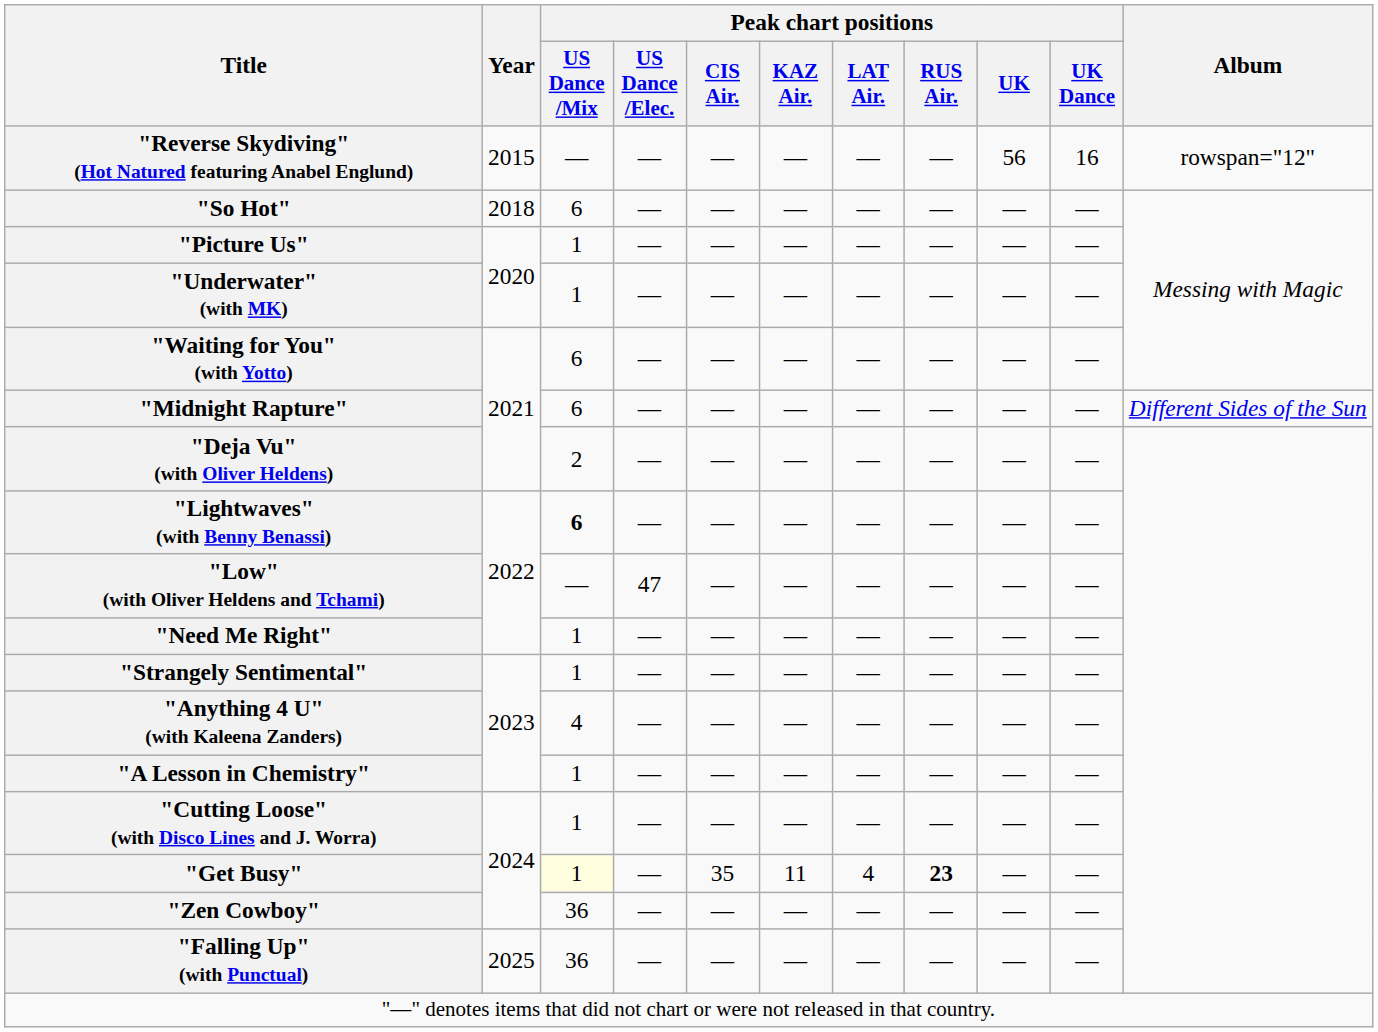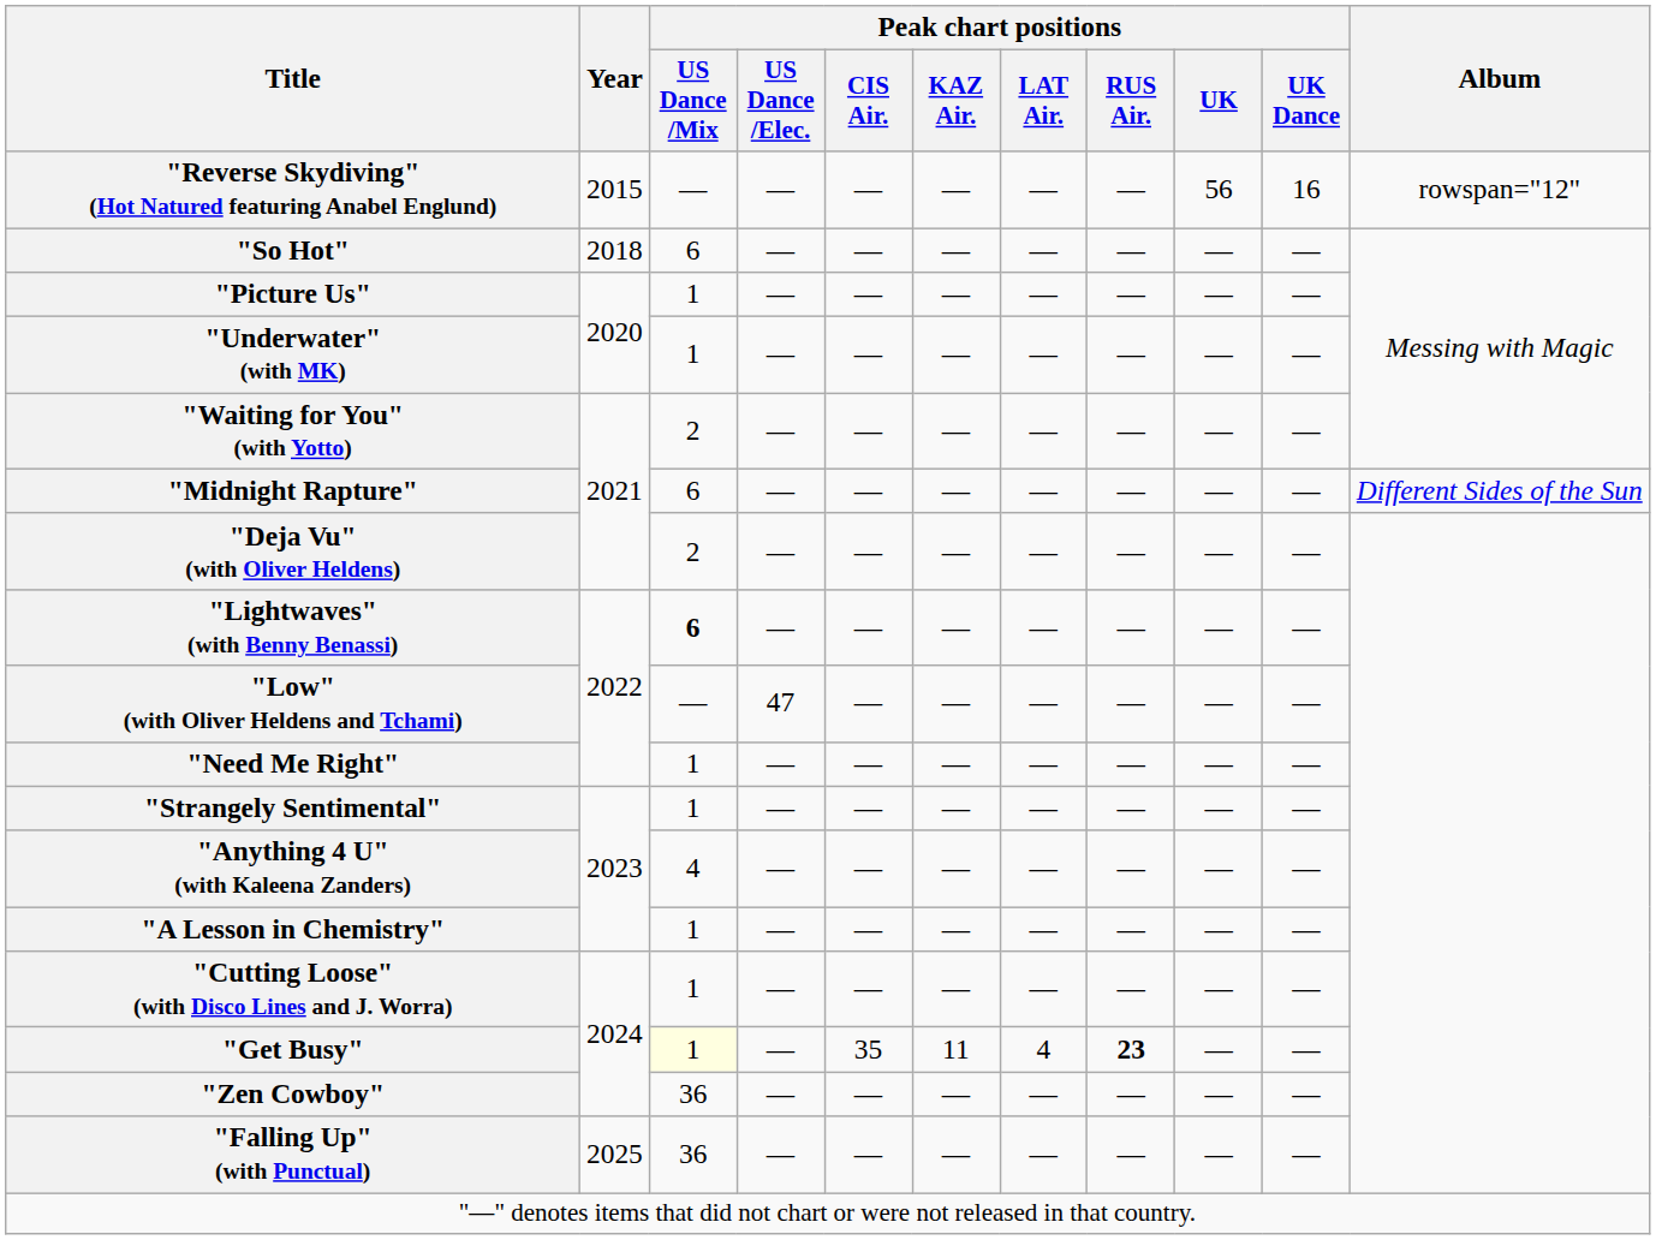 <table class="wikitable plainrowheaders" style="text-align:center;">
 <tr>
 <th scope="col" rowspan="2" style="width:20em;">Title</th>
 <th scope="col" rowspan="2" style="width:1em;">Year</th>
 <th scope="col" colspan="8">Peak chart positions</th>
 <th scope="col" rowspan="2">Album</th>
 </tr>
 <tr>
 <th scope="col" style="width:3em;font-size:90%;"><a href='#'>US<br>Dance<br>/Mix</a><br></th>
 <th scope="col" style="width:3em;font-size:90%;"><a href='#'>US<br>Dance<br>/Elec.</a><br></th>
 <th scope="col" style="width:3em;font-size:90%;"><a href='#'>CIS<br>Air.</a><br></th>
 <th scope="col" style="width:3em;font-size:90%;"><a href='#'>KAZ<br>Air.</a><br></th>
 <th scope="col" style="width:3em;font-size:90%;"><a href='#'>LAT<br>Air.</a><br></th>
 <th scope="col" style="width:3em;font-size:90%;"><a href='#'>RUS<br>Air.</a><br></th>
 <th scope="col" style="width:3em;font-size:90%;"><a href='#'>UK</a><br></th>
 <th scope="col" style="width:3em;font-size:90%;"><a href='#'>UK<br>Dance</a><br></th>
 </tr>
 <tr>
 <th scope="row">"Reverse Skydiving"<br><small>(<a href='#'>Hot Natured</a> featuring Anabel Englund)</small></th>
 <td>2015</td>
 <td>—</td>
 <td>—</td>
 <td>—</td>
 <td>—</td>
 <td>—</td>
 <td>—</td>
 <td>56</td>
 <td>16</td>
 <td>rowspan="12" </td>
 </tr>
 <tr>
 <th scope="row">"So Hot"</th>
 <td>2018</td>
 <td>6</td>
 <td>—</td>
 <td>—</td>
 <td>—</td>
 <td>—</td>
 <td>—</td>
 <td>—</td>
 <td>—</td>
 <td rowspan="4"><em>Messing with Magic</em></td>
 </tr>
 <tr>
 <th scope="row">"Picture Us"</th>
 <td rowspan="2">2020</td>
 <td>1</td>
 <td>—</td>
 <td>—</td>
 <td>—</td>
 <td>—</td>
 <td>—</td>
 <td>—</td>
 <td>—</td>
 </tr>
 <tr>
 <th scope="row">"Underwater"<br><small>(with <a href='#'>MK</a>)</small></th>
 <td>1</td>
 <td>—</td>
 <td>—</td>
 <td>—</td>
 <td>—</td>
 <td>—</td>
 <td>—</td>
 <td>—</td>
 </tr>
 <tr>
 <th scope="row">"Waiting for You"<br><small>(with <a href='#'>Yotto</a>)</small></th>
 <td rowspan="3">2021</td>
-<td>6</td>
+<td>2</td>
 <td>—</td>
 <td>—</td>
 <td>—</td>
 <td>—</td>
 <td>—</td>
 <td>—</td>
 <td>—</td>
 </tr>
 <tr>
 <th scope="row">"Midnight Rapture"</th>
 <td>6</td>
 <td>—</td>
 <td>—</td>
 <td>—</td>
 <td>—</td>
 <td>—</td>
 <td>—</td>
 <td>—</td>
 <td><em><a href='#'>Different Sides of the Sun</a></em></td>
 </tr>
 <tr>
 <th scope="row">"Deja Vu"<br><small>(with <a href='#'>Oliver Heldens</a>)</small></th>
 <td>2</td>
 <td>—</td>
 <td>—</td>
 <td>—</td>
 <td>—</td>
 <td>—</td>
 <td>—</td>
 <td>—</td>
 </tr>
 <tr>
 <th scope="row">"Lightwaves"<br><small>(with <a href='#'>Benny Benassi</a>)</small></th>
 <td rowspan="3">2022</td>
 <td><strong>6</strong></td>
 <td>—</td>
 <td>—</td>
 <td>—</td>
 <td>—</td>
 <td>—</td>
 <td>—</td>
 <td>—</td>
 </tr>
 <tr>
 <th scope="row">"Low"<br><small>(with Oliver Heldens and <a href='#'>Tchami</a>)</small></th>
 <td>—</td>
 <td>47</td>
 <td>—</td>
 <td>—</td>
 <td>—</td>
 <td>—</td>
 <td>—</td>
 <td>—</td>
 </tr>
 <tr>
 <th scope="row">"Need Me Right"</th>
 <td>1</td>
 <td>—</td>
 <td>—</td>
 <td>—</td>
 <td>—</td>
 <td>—</td>
 <td>—</td>
 <td>—</td>
 </tr>
 <tr>
 <th scope="row">"Strangely Sentimental"</th>
 <td rowspan="3">2023</td>
 <td>1</td>
 <td>—</td>
 <td>—</td>
 <td>—</td>
 <td>—</td>
 <td>—</td>
 <td>—</td>
 <td>—</td>
 </tr>
 <tr>
 <th scope="row">"Anything 4 U"<br><small>(with Kaleena Zanders)</small></th>
 <td>4</td>
 <td>—</td>
 <td>—</td>
 <td>—</td>
 <td>—</td>
 <td>—</td>
 <td>—</td>
 <td>—</td>
 </tr>
 <tr>
 <th scope="row">"A Lesson in Chemistry"</th>
 <td>1</td>
 <td>—</td>
 <td>—</td>
 <td>—</td>
 <td>—</td>
 <td>—</td>
 <td>—</td>
 <td>—</td>
 </tr>
 <tr>
 <th scope="row">"Cutting Loose"<br><small>(with <a href='#'>Disco Lines</a> and J. Worra)</small></th>
 <td rowspan="3">2024</td>
 <td>1</td>
 <td>—</td>
 <td>—</td>
 <td>—</td>
 <td>—</td>
 <td>—</td>
 <td>—</td>
 <td>—</td>
 </tr>
 <tr>
 <th scope="row">"Get Busy"</th>
 <td style="background: lightyellow;">1</td>
 <td>—</td>
 <td>35</td>
 <td>11</td>
 <td>4</td>
 <td><strong>23</strong></td>
 <td>—</td>
 <td>—</td>
 </tr>
 <tr>
 <th scope="row">"Zen Cowboy"</th>
 <td>36</td>
 <td>—</td>
 <td>—</td>
 <td>—</td>
 <td>—</td>
 <td>—</td>
 <td>—</td>
 <td>—</td>
 </tr>
 <tr>
 <th scope="row">"Falling Up"<br><small>(with <a href='#'>Punctual</a>)</small></th>
 <td>2025</td>
 <td>36</td>
 <td>—</td>
 <td>—</td>
 <td>—</td>
 <td>—</td>
 <td>—</td>
 <td>—</td>
 <td>—</td>
 </tr>
 <tr>
 <td colspan="15" style="font-size:90%;">"—" denotes items that did not chart or were not released in that country.</td>
 </tr>
 </table>
